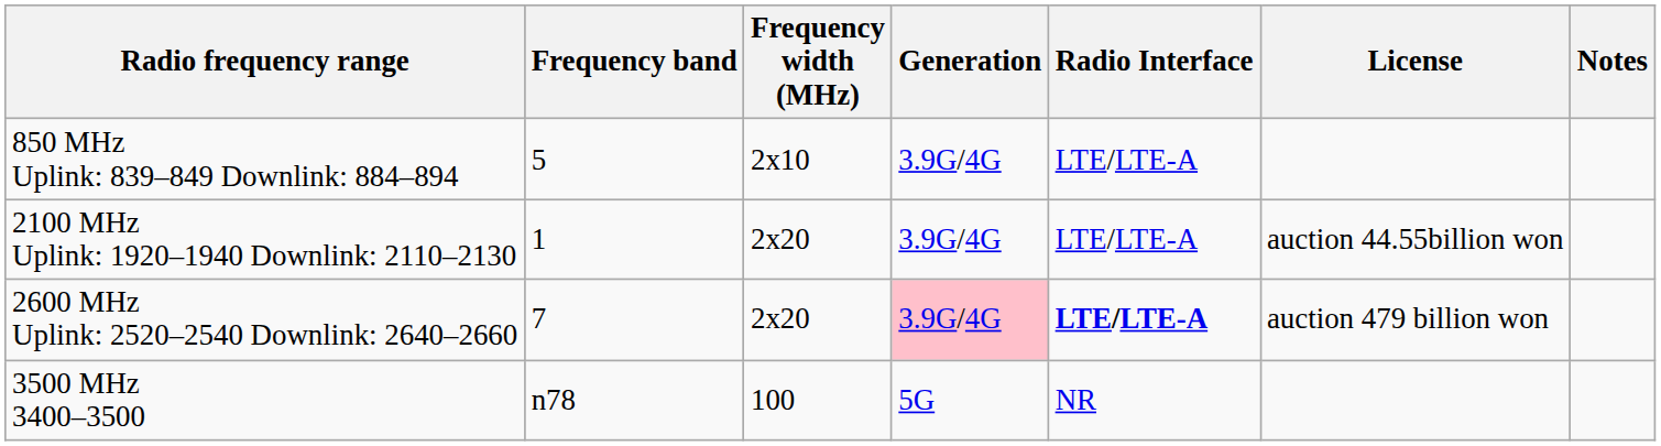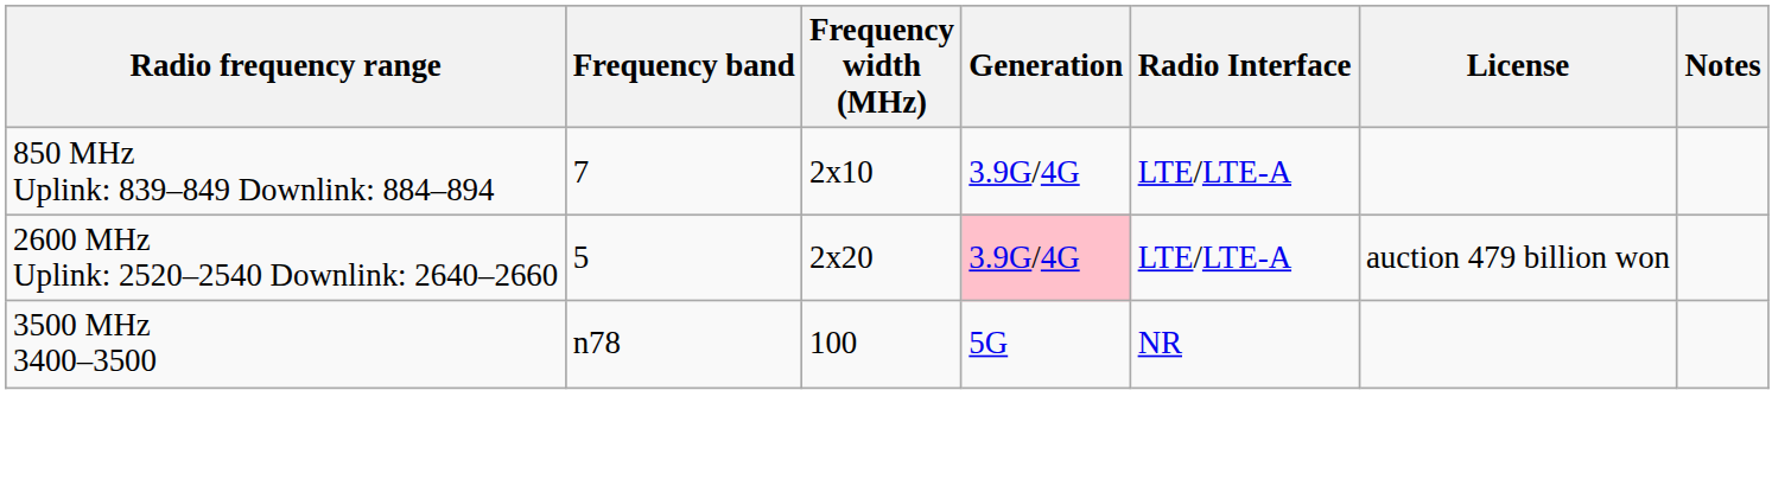 <table class="wikitable sortable">
 <tr>
 <th>Radio frequency range</th>
 <th>Frequency band</th>
 <th>Frequency<br>width<br>(MHz)</th>
 <th>Generation</th>
 <th>Radio Interface</th>
 <th>License</th>
 <th>Notes</th>
 </tr>
 <tr>
 <td>850 MHz<br>Uplink: 839–849 Downlink: 884–894</td>
-<td>5</td>
+<td>7</td>
 <td>2x10</td>
 <td><a href='#'>3.9G</a>/<a href='#'>4G</a></td>
 <td><a href='#'>LTE</a>/<a href='#'>LTE-A</a></td>
 <td></td>
 <td></td>
 </tr>
 <tr>
-<td>2100 MHz<br>Uplink: 1920–1940 Downlink: 2110–2130</td>
-<td>1</td>
-<td>2x20</td>
-<td><a href='#'>3.9G</a>/<a href='#'>4G</a></td>
-<td><a href='#'>LTE</a>/<a href='#'>LTE-A</a></td>
-<td>auction 44.55billion won</td>
-<td></td>
-</tr>
-<tr>
 <td>2600 MHz<br>Uplink: 2520–2540 Downlink: 2640–2660</td>
-<td>7</td>
+<td>5</td>
 <td>2x20</td>
 <td style="background: pink;"><a href='#'>3.9G</a>/<a href='#'>4G</a></td>
-<td><strong><a href='#'>LTE</a>/<a href='#'>LTE-A</a></strong></td>
+<td><a href='#'>LTE</a>/<a href='#'>LTE-A</a></td>
 <td>auction 479 billion won</td>
 <td></td>
 </tr>
 <tr>
 <td>3500 MHz<br>3400–3500</td>
 <td>n78</td>
 <td>100</td>
 <td><a href='#'>5G</a></td>
 <td><a href='#'>NR</a></td>
 <td></td>
 <td></td>
 </tr>
 </table>
